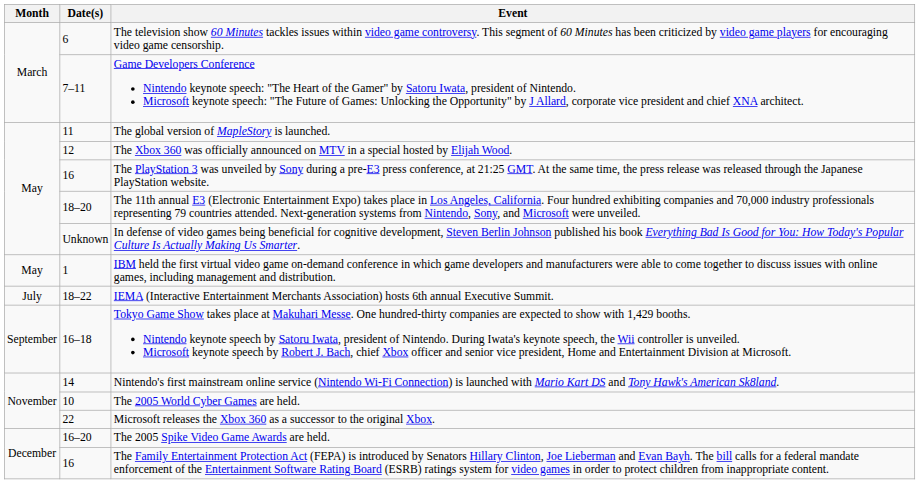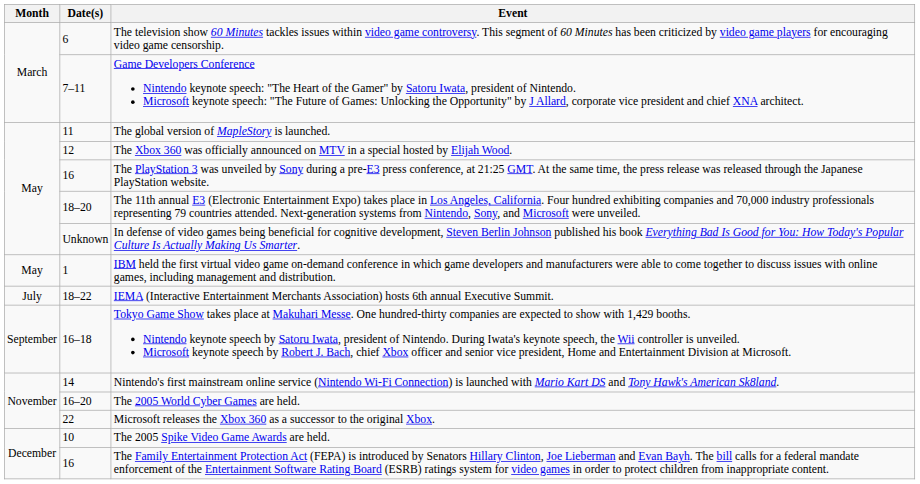 <table class="wikitable">
 <tr>
 <th>Month</th>
 <th>Date(s)</th>
 <th>Event</th>
 </tr>
 <tr>
 <td rowspan="2" style="text-align:center">March</td>
 <td>6</td>
 <td style="text-align:left;">The television show <em><a href='#'>60 Minutes</a></em> tackles issues within <a href='#'>video game controversy</a>. This segment of <em>60 Minutes</em> has been criticized by <a href='#'>video game players</a> for encouraging video game censorship.</td>
 </tr>
 <tr>
 <td>7–11</td>
 <td><a href='#'>Game Developers Conference</a><br><ul><li><a href='#'>Nintendo</a> keynote speech: "The Heart of the Gamer" by <a href='#'>Satoru Iwata</a>, president of Nintendo.</li><li><a href='#'>Microsoft</a> keynote speech: "The Future of Games: Unlocking the Opportunity" by <a href='#'>J Allard</a>, corporate vice president and chief <a href='#'>XNA</a> architect.</li></ul></td>
 </tr>
 <tr>
 <td rowspan="5" style="text-align:center">May</td>
 <td>11</td>
 <td>The global version of <em><a href='#'>MapleStory</a></em> is launched.</td>
 </tr>
 <tr>
 <td>12</td>
 <td>The <a href='#'>Xbox 360</a> was officially announced on <a href='#'>MTV</a> in a special hosted by <a href='#'>Elijah Wood</a>.</td>
 </tr>
 <tr>
 <td>16</td>
 <td>The <a href='#'>PlayStation 3</a> was unveiled by <a href='#'>Sony</a> during a pre-<a href='#'>E3</a> press conference, at 21:25 <a href='#'>GMT</a>. At the same time, the press release was released through the Japanese PlayStation website.</td>
 </tr>
 <tr>
 <td>18–20</td>
 <td>The 11th annual <a href='#'>E3</a> (Electronic Entertainment Expo) takes place in <a href='#'>Los Angeles, California</a>. Four hundred exhibiting companies and 70,000 industry professionals representing 79 countries attended. Next-generation systems from <a href='#'>Nintendo</a>, <a href='#'>Sony</a>, and <a href='#'>Microsoft</a> were unveiled.</td>
 </tr>
 <tr>
 <td>Unknown</td>
 <td style="text-align:left;">In defense of video games being beneficial for cognitive development, <a href='#'>Steven Berlin Johnson</a> published his book <em><a href='#'>Everything Bad Is Good for You: How Today's Popular Culture Is Actually Making Us Smarter</a></em>.</td>
 </tr>
 <tr>
 <td rowspan="1" style="text-align:center">May</td>
 <td>1</td>
 <td><a href='#'>IBM</a> held the first virtual video game on-demand conference in which game developers and manufacturers were able to come together to discuss issues with online games, including management and distribution.</td>
 </tr>
 <tr>
 <td rowspan="1" style="text-align:center">July</td>
 <td>18–22</td>
 <td><a href='#'>IEMA</a> (Interactive Entertainment Merchants Association) hosts 6th annual Executive Summit.</td>
 </tr>
 <tr>
 <td rowspan="1" style="text-align:center">September</td>
 <td>16–18</td>
 <td><a href='#'>Tokyo Game Show</a> takes place at <a href='#'>Makuhari Messe</a>. One hundred-thirty companies are expected to show with 1,429 booths.<br><ul><li><a href='#'>Nintendo</a> keynote speech by <a href='#'>Satoru Iwata</a>, president of Nintendo. During Iwata's keynote speech, the <a href='#'>Wii</a> controller is unveiled.</li><li><a href='#'>Microsoft</a> keynote speech by <a href='#'>Robert J. Bach</a>, chief <a href='#'>Xbox</a> officer and senior vice president, Home and Entertainment Division at Microsoft.</li></ul></td>
 </tr>
 <tr>
 <td rowspan="3" style="text-align:center">November</td>
 <td>14</td>
 <td>Nintendo's first mainstream online service (<a href='#'>Nintendo Wi-Fi Connection</a>) is launched with <em><a href='#'>Mario Kart DS</a></em> and <em><a href='#'>Tony Hawk's American Sk8land</a></em>.</td>
 </tr>
 <tr>
-<td>10</td>
+<td>16–20</td>
 <td>The <a href='#'>2005 World Cyber Games</a> are held.</td>
 </tr>
 <tr>
 <td>22</td>
 <td>Microsoft releases the <a href='#'>Xbox 360</a> as a successor to the original <a href='#'>Xbox</a>.</td>
 </tr>
 <tr>
 <td rowspan="2" style="text-align:center">December</td>
-<td>16–20</td>
+<td>10</td>
 <td>The 2005 <a href='#'>Spike Video Game Awards</a> are held.</td>
 </tr>
 <tr>
 <td>16</td>
 <td>The <a href='#'>Family Entertainment Protection Act</a> (FEPA) is introduced by Senators <a href='#'>Hillary Clinton</a>, <a href='#'>Joe Lieberman</a> and <a href='#'>Evan Bayh</a>. The <a href='#'>bill</a> calls for a federal mandate enforcement of the <a href='#'>Entertainment Software Rating Board</a> (ESRB) ratings system for <a href='#'>video games</a> in order to protect children from inappropriate content.</td>
 </tr>
 </table>
